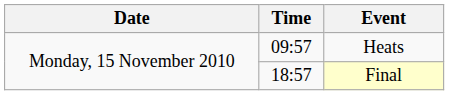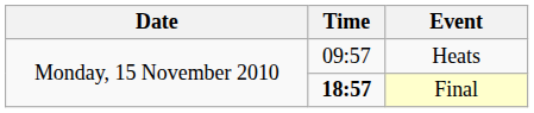 <table class = "wikitable" style="text-align:center;">
 <tr>
 <th width=220>Date</th>
 <th width=50>Time</th>
 <th width=100>Event</th>
 </tr>
 <tr>
 <td rowspan=2>Monday, 15 November 2010</td>
 <td>09:57</td>
 <td>Heats</td>
 </tr>
 <tr>
-<td>18:57</td>
+<td><strong>18:57</strong></td>
 <td bgcolor=ffffcc>Final</td>
 </tr>
 </table>
